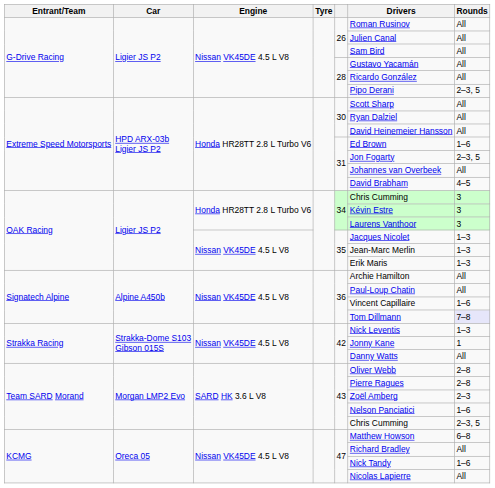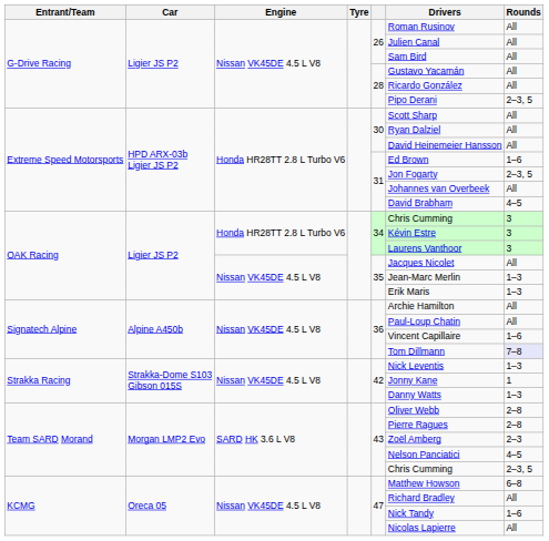 <table class="wikitable" style="font-size: 85%">
 <tr>
 <th>Entrant/Team</th>
 <th>Car</th>
 <th>Engine</th>
 <th>Tyre</th>
 <th></th>
 <th>Drivers</th>
 <th>Rounds</th>
 </tr>
 <tr>
 <td rowspan=6> <a href='#'>G-Drive Racing</a></td>
 <td rowspan=6><a href='#'>Ligier JS P2</a></td>
 <td rowspan=6><a href='#'>Nissan</a> <a href='#'>VK45DE</a> 4.5 L V8</td>
 <td rowspan=6></td>
 <td rowspan=3>26</td>
 <td> <a href='#'>Roman Rusinov</a></td>
 <td>All</td>
 </tr>
 <tr>
 <td> <a href='#'>Julien Canal</a></td>
 <td>All</td>
 </tr>
 <tr>
 <td> <a href='#'>Sam Bird</a></td>
 <td>All</td>
 </tr>
 <tr>
 <td rowspan=3>28</td>
 <td> <a href='#'>Gustavo Yacamán</a></td>
 <td>All</td>
 </tr>
 <tr>
 <td> <a href='#'>Ricardo González</a></td>
 <td>All</td>
 </tr>
 <tr>
 <td> <a href='#'>Pipo Derani</a></td>
 <td>2–3, 5</td>
 </tr>
 <tr>
 <td rowspan=7> <a href='#'>Extreme Speed Motorsports</a></td>
 <td rowspan=7><a href='#'>HPD ARX-03b</a><br><a href='#'>Ligier JS P2</a></td>
 <td rowspan=7><a href='#'>Honda</a> HR28TT 2.8 L Turbo V6</td>
 <td rowspan=7></td>
 <td rowspan=3>30</td>
 <td> <a href='#'>Scott Sharp</a></td>
 <td>All</td>
 </tr>
 <tr>
 <td> <a href='#'>Ryan Dalziel</a></td>
 <td>All</td>
 </tr>
 <tr>
 <td> <a href='#'>David Heinemeier Hansson</a></td>
 <td>All</td>
 </tr>
 <tr>
 <td rowspan=4>31</td>
 <td> <a href='#'>Ed Brown</a></td>
 <td>1–6</td>
 </tr>
 <tr>
 <td> <a href='#'>Jon Fogarty</a></td>
 <td>2–3, 5</td>
 </tr>
 <tr>
 <td> <a href='#'>Johannes van Overbeek</a></td>
 <td>All</td>
 </tr>
 <tr>
 <td> <a href='#'>David Brabham</a></td>
 <td>4–5</td>
 </tr>
 <tr>
 <td rowspan=6> <a href='#'>OAK Racing</a></td>
 <td rowspan=6><a href='#'>Ligier JS P2</a></td>
 <td rowspan=3><a href='#'>Honda</a> HR28TT 2.8 L Turbo V6</td>
 <td rowspan=6></td>
 <td rowspan=3 style="background:#ccffcc">34</td>
 <td style="background:#ccffcc"> Chris Cumming</td>
 <td style="background:#ccffcc">3</td>
 </tr>
 <tr>
 <td style="background:#ccffcc"> <a href='#'>Kévin Estre</a></td>
 <td style="background:#ccffcc">3</td>
 </tr>
 <tr>
 <td style="background:#ccffcc"> <a href='#'>Laurens Vanthoor</a></td>
 <td style="background:#ccffcc">3</td>
 </tr>
 <tr>
 <td rowspan=3><a href='#'>Nissan</a> <a href='#'>VK45DE</a> 4.5 L V8</td>
 <td rowspan=3>35</td>
 <td> <a href='#'>Jacques Nicolet</a></td>
-<td>1–3</td>
+<td>All</td>
 </tr>
 <tr>
 <td> Jean-Marc Merlin</td>
 <td>1–3</td>
 </tr>
 <tr>
 <td> Erik Maris</td>
 <td>1–3</td>
 </tr>
 <tr>
 <td rowspan=4> <a href='#'>Signatech Alpine</a></td>
 <td rowspan=4><a href='#'>Alpine A450b</a></td>
 <td rowspan=4><a href='#'>Nissan</a> <a href='#'>VK45DE</a> 4.5 L V8</td>
 <td rowspan=4></td>
 <td rowspan=4>36</td>
 <td> Archie Hamilton</td>
 <td>All</td>
 </tr>
 <tr>
 <td> <a href='#'>Paul-Loup Chatin</a></td>
 <td>All</td>
 </tr>
 <tr>
 <td> Vincent Capillaire</td>
 <td>1–6</td>
 </tr>
 <tr>
 <td> <a href='#'>Tom Dillmann</a></td>
 <td style="background: lavender;">7–8</td>
 </tr>
 <tr>
 <td rowspan=3> <a href='#'>Strakka Racing</a></td>
 <td rowspan=3><a href='#'>Strakka-Dome S103</a><br><a href='#'>Gibson 015S</a></td>
 <td rowspan=3><a href='#'>Nissan</a> <a href='#'>VK45DE</a> 4.5 L V8</td>
 <td rowspan=3><br></td>
 <td rowspan=3>42</td>
 <td> <a href='#'>Nick Leventis</a></td>
 <td>1–3</td>
 </tr>
 <tr>
 <td> <a href='#'>Jonny Kane</a></td>
 <td>1</td>
 </tr>
 <tr>
 <td> <a href='#'>Danny Watts</a></td>
-<td>All</td>
+<td>1–3</td>
 </tr>
 <tr>
 <td rowspan=5> <a href='#'>Team SARD</a> <a href='#'>Morand</a></td>
 <td rowspan=5><a href='#'>Morgan LMP2 Evo</a></td>
 <td rowspan=5><a href='#'>SARD</a> <a href='#'>HK</a> 3.6 L V8</td>
 <td rowspan=5></td>
 <td rowspan=5>43</td>
 <td> <a href='#'>Oliver Webb</a></td>
 <td>2–8</td>
 </tr>
 <tr>
 <td> <a href='#'>Pierre Ragues</a></td>
 <td>2–8</td>
 </tr>
 <tr>
 <td> <a href='#'>Zoël Amberg</a></td>
 <td>2–3</td>
 </tr>
 <tr>
 <td> <a href='#'>Nelson Panciatici</a></td>
-<td>1–6</td>
+<td>4–5</td>
 </tr>
 <tr>
 <td> Chris Cumming</td>
 <td>2–3, 5</td>
 </tr>
 <tr>
 <td rowspan=4> <a href='#'>KCMG</a></td>
 <td rowspan=4><a href='#'>Oreca 05</a></td>
 <td rowspan=4><a href='#'>Nissan</a> <a href='#'>VK45DE</a> 4.5 L V8</td>
 <td rowspan=4></td>
 <td rowspan=4>47</td>
 <td> <a href='#'>Matthew Howson</a></td>
 <td>6–8</td>
 </tr>
 <tr>
 <td> <a href='#'>Richard Bradley</a></td>
 <td>All</td>
 </tr>
 <tr>
 <td> <a href='#'>Nick Tandy</a></td>
 <td>1–6</td>
 </tr>
 <tr>
 <td> <a href='#'>Nicolas Lapierre</a></td>
 <td>All</td>
 </tr>
 </table>
